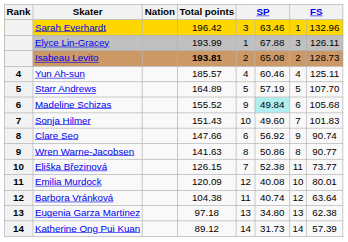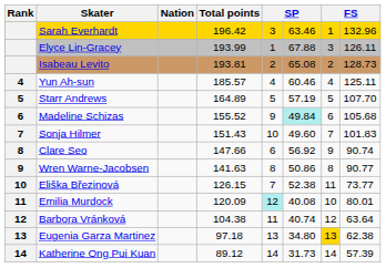 <table class="wikitable sortable" style="text-align:center">
 <tr>
 <th scope="col">Rank</th>
 <th scope="col">Skater</th>
 <th scope="col">Nation</th>
 <th scope="col">Total points</th>
 <th scope="col" colspan="2" width="80px"><a href='#'>SP</a></th>
 <th scope="col" colspan="2" width="80px"><a href='#'>FS</a></th>
 </tr>
 <tr bgcolor="gold">
 <th scope="row"></th>
 <td align="left"><a href='#'>Sarah Everhardt</a></td>
 <td align="left"></td>
 <td>196.42</td>
 <td>3</td>
 <td>63.46</td>
 <td>1</td>
 <td>132.96</td>
 </tr>
 <tr bgcolor="silver">
 <th scope="row"></th>
 <td align="left"><a href='#'>Elyce Lin-Gracey</a></td>
 <td align="left"></td>
 <td>193.99</td>
 <td>1</td>
 <td>67.88</td>
 <td>3</td>
 <td>126.11</td>
 </tr>
 <tr bgcolor="cc9966">
 <th scope="row"></th>
 <td align="left"><a href='#'>Isabeau Levito</a></td>
 <td align="left"></td>
-<td><strong>193.81</strong></td>
+<td>193.81</td>
 <td>2</td>
 <td>65.08</td>
 <td>2</td>
 <td>128.73</td>
 </tr>
 <tr>
 <th scope="row">4</th>
 <td align="left"><a href='#'>Yun Ah-sun</a></td>
 <td align="left"></td>
 <td>185.57</td>
 <td>4</td>
 <td>60.46</td>
 <td>4</td>
 <td>125.11</td>
 </tr>
 <tr>
 <th scope="row">5</th>
 <td align="left"><a href='#'>Starr Andrews</a></td>
 <td align="left"></td>
 <td>164.89</td>
 <td>5</td>
 <td>57.19</td>
 <td>5</td>
 <td>107.70</td>
 </tr>
 <tr>
 <th scope="row">6</th>
 <td align="left"><a href='#'>Madeline Schizas</a></td>
 <td align="left"></td>
 <td>155.52</td>
 <td>9</td>
 <td style="background: paleturquoise;">49.84</td>
 <td>6</td>
 <td>105.68</td>
 </tr>
 <tr>
 <th scope="row">7</th>
 <td align="left"><a href='#'>Sonja Hilmer</a></td>
 <td align="left"></td>
 <td>151.43</td>
 <td>10</td>
 <td>49.60</td>
 <td>7</td>
 <td>101.83</td>
 </tr>
 <tr>
 <th scope="row">8</th>
 <td align="left"><a href='#'>Clare Seo</a></td>
 <td align="left"></td>
 <td>147.66</td>
 <td>6</td>
 <td>56.92</td>
 <td>9</td>
 <td>90.74</td>
 </tr>
 <tr>
 <th scope="row">9</th>
 <td align="left"><a href='#'>Wren Warne-Jacobsen</a></td>
 <td align="left"></td>
 <td>141.63</td>
 <td>8</td>
 <td>50.86</td>
 <td>8</td>
 <td>90.77</td>
 </tr>
 <tr>
 <th scope="row">10</th>
 <td align="left"><a href='#'>Eliška Březinová</a></td>
 <td align="left"></td>
 <td>126.15</td>
 <td>7</td>
 <td>52.38</td>
 <td>11</td>
 <td>73.77</td>
 </tr>
 <tr>
 <th scope="row">11</th>
 <td align="left"><a href='#'>Emilia Murdock</a></td>
 <td align="left"></td>
 <td>120.09</td>
-<td>12</td>
+<td style="background: paleturquoise;">12</td>
 <td>40.08</td>
 <td>10</td>
 <td>80.01</td>
 </tr>
 <tr>
 <th scope="row">12</th>
 <td align="left"><a href='#'>Barbora Vránková</a></td>
 <td align="left"></td>
 <td>104.38</td>
 <td>11</td>
 <td>40.74</td>
 <td>12</td>
 <td>63.64</td>
 </tr>
 <tr>
 <th scope="row">13</th>
 <td align="left"><a href='#'>Eugenia Garza Martinez</a></td>
 <td align="left"></td>
 <td>97.18</td>
 <td>13</td>
 <td>34.80</td>
-<td>13</td>
+<td style="background: gold;">13</td>
 <td>62.38</td>
 </tr>
 <tr>
 <th scope="row">14</th>
 <td align="left"><a href='#'>Katherine Ong Pui Kuan</a></td>
 <td align="left"></td>
 <td>89.12</td>
 <td>14</td>
 <td>31.73</td>
 <td>14</td>
 <td>57.39</td>
 </tr>
 </table>
